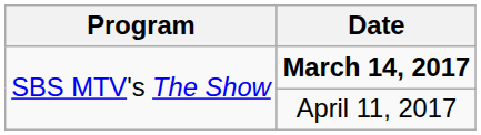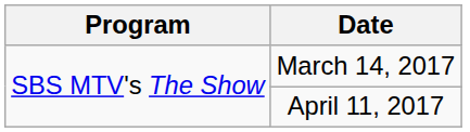 <table class="wikitable sortable plainrowheaders" style="text-align:center">
 <tr>
 <th scope="col">Program</th>
 <th scope="col">Date</th>
 </tr>
 <tr>
 <td rowspan="2"><a href='#'>SBS MTV</a>'s <em><a href='#'>The Show</a></em></td>
-<td><strong>March 14, 2017</strong></td>
+<td>March 14, 2017</td>
 </tr>
 <tr>
 <td>April 11, 2017</td>
 </tr>
 </table>
